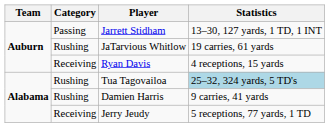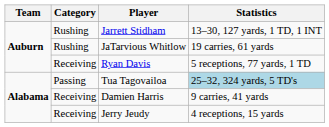 <table class="wikitable" style="float: right;">
 <tr>
 <th>Team</th>
 <th>Category</th>
 <th>Player</th>
 <th>Statistics</th>
 </tr>
 <tr>
 <td rowspan=3><strong>Auburn</strong></td>
-<td>Passing</td>
+<td>Rushing</td>
 <td><a href='#'>Jarrett Stidham</a></td>
 <td>13–30, 127 yards, 1 TD, 1 INT</td>
 </tr>
 <tr>
 <td>Rushing</td>
 <td>JaTarvious Whitlow</td>
 <td>19 carries, 61 yards</td>
 </tr>
 <tr>
 <td>Receiving</td>
 <td><a href='#'>Ryan Davis</a></td>
-<td>4 receptions, 15 yards</td>
+<td>5 receptions, 77 yards, 1 TD</td>
 </tr>
 <tr>
 <td rowspan=3><strong>Alabama</strong></td>
-<td>Rushing</td>
+<td>Passing</td>
 <td>Tua Tagovailoa</td>
 <td style="background: lightblue;">25–32, 324 yards, 5 TD's</td>
 </tr>
 <tr>
-<td>Rushing</td>
+<td>Receiving</td>
 <td>Damien Harris</td>
 <td>9 carries, 41 yards</td>
 </tr>
 <tr>
 <td>Receiving</td>
 <td>Jerry Jeudy</td>
-<td>5 receptions, 77 yards, 1 TD</td>
+<td>4 receptions, 15 yards</td>
 </tr>
 </table>
